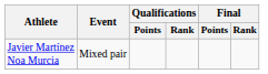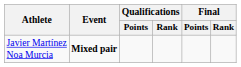 <table class=wikitable style="font-size:90%">
 <tr>
 <th rowspan="2">Athlete</th>
 <th rowspan="2">Event</th>
 <th colspan="2">Qualifications</th>
 <th colspan="2">Final</th>
 </tr>
 <tr style="font-size:95%">
 <th>Points</th>
 <th>Rank</th>
 <th>Points</th>
 <th>Rank</th>
 </tr>
 <tr align=center>
 <td align=left><a href='#'>Javier Martínez</a><br><a href='#'>Noa Murcia</a></td>
-<td align=left>Mixed pair</td>
+<td align=left><strong>Mixed pair</strong></td>
 <td></td>
 <td></td>
 <td></td>
 <td></td>
 </tr>
 </table>
